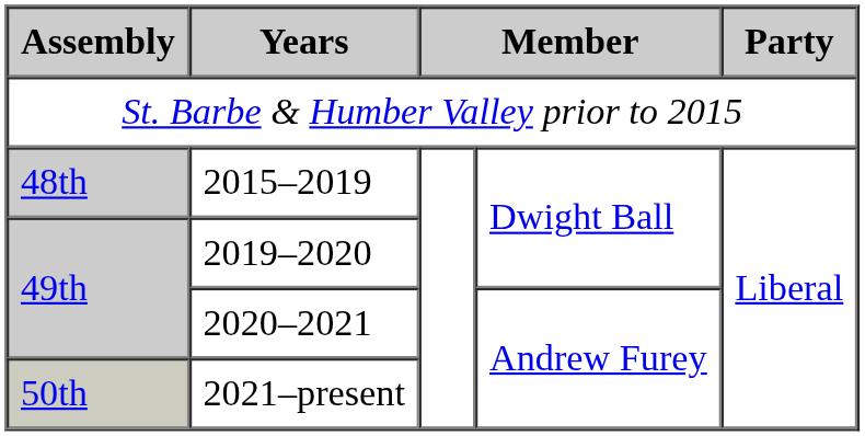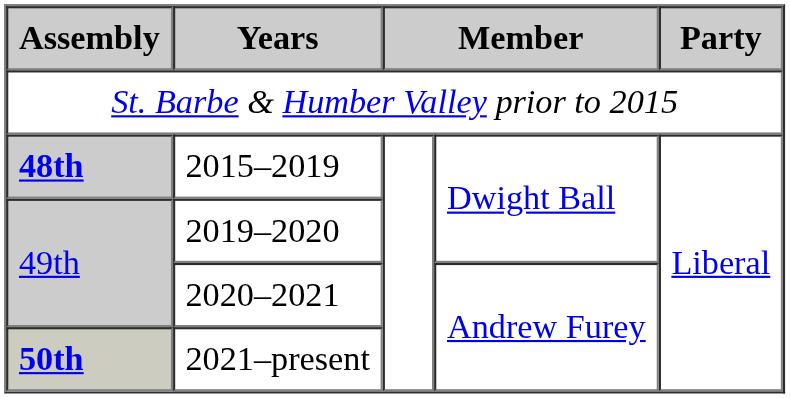 <table border=1 cellpadding=5 cellspacing=0>
 <tr bgcolor="CCCCCC">
 <th>Assembly</th>
 <th>Years</th>
 <th colspan="2">Member</th>
 <th>Party</th>
 </tr>
 <tr>
 <td colspan="5" align="center"><em><a href='#'>St. Barbe</a> & <a href='#'>Humber Valley</a> prior to 2015</em></td>
 </tr>
 <tr>
-<td bgcolor="CCCCCC"><a href='#'>48th</a></td>
+<td bgcolor="CCCCCC"><strong><a href='#'>48th</a></strong></td>
 <td>2015–2019</td>
 <td rowspan="4" >   </td>
 <td rowspan="2"><a href='#'>Dwight Ball</a></td>
 <td rowspan="4"><a href='#'>Liberal</a></td>
 </tr>
 <tr>
 <td bgcolor="CCCCCC" rowspan="2"><a href='#'>49th</a></td>
 <td>2019–2020</td>
 </tr>
 <tr>
 <td>2020–2021</td>
 <td rowspan="2"><a href='#'>Andrew Furey</a></td>
 </tr>
 <tr>
-<td bgcolor="CCCCC"><a href='#'>50th</a></td>
+<td bgcolor="CCCCC"><strong><a href='#'>50th</a></strong></td>
 <td>2021–present</td>
 </tr>
 </table>
